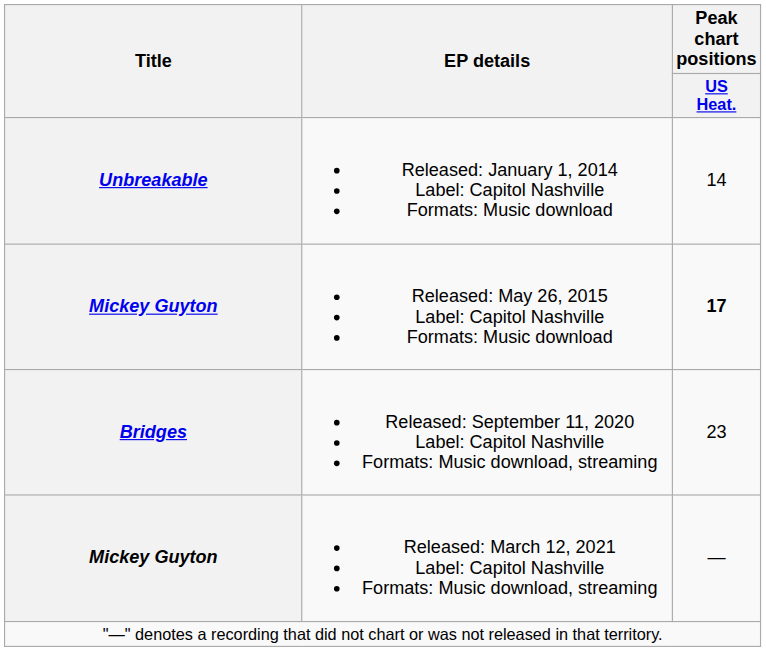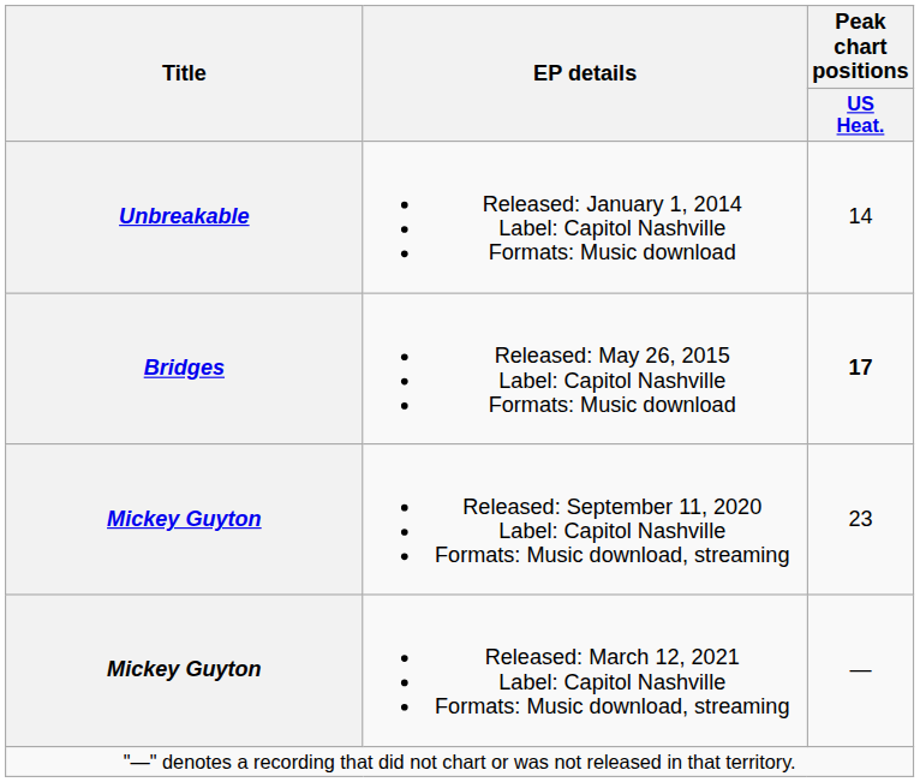 <table class="wikitable plainrowheaders" style="text-align:center;">
 <tr>
 <th scope="col" rowspan="2" style="width:16em;">Title</th>
 <th scope="col" rowspan="2" style="width:20em;">EP details</th>
 <th scope="col" colspan="1">Peak<br>chart<br>positions</th>
 </tr>
 <tr>
 <th scope="col" style="width:3em;font-size:90%;"><a href='#'>US<br>Heat.</a><br></th>
 </tr>
 <tr>
 <th scope="row"><em><a href='#'>Unbreakable</a></em></th>
 <td><br><ul><li>Released: January 1, 2014</li><li>Label: Capitol Nashville</li><li>Formats: Music download</li></ul></td>
 <td>14</td>
 </tr>
 <tr>
-<th scope="row"><em><a href='#'>Mickey Guyton</a></em></th>
+<th scope="row"><em><a href='#'>Bridges</a></em></th>
 <td><br><ul><li>Released: May 26, 2015</li><li>Label: Capitol Nashville</li><li>Formats: Music download</li></ul></td>
 <td><strong>17</strong></td>
 </tr>
 <tr>
-<th scope="row"><em><a href='#'>Bridges</a></em></th>
+<th scope="row"><em><a href='#'>Mickey Guyton</a></em></th>
 <td><br><ul><li>Released: September 11, 2020</li><li>Label: Capitol Nashville</li><li>Formats: Music download, streaming</li></ul></td>
 <td>23</td>
 </tr>
 <tr>
 <th scope="row"><em>Mickey Guyton</em></th>
 <td><br><ul><li>Released: March 12, 2021</li><li>Label: Capitol Nashville</li><li>Formats: Music download, streaming</li></ul></td>
 <td>—</td>
 </tr>
 <tr>
 <td colspan="3" style="font-size:90%">"—" denotes a recording that did not chart or was not released in that territory.</td>
 </tr>
 </table>
